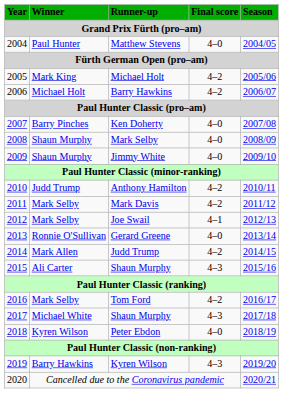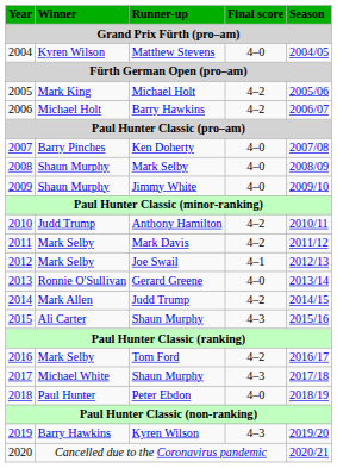 <table class="wikitable" style="margin: auto">
 <tr>
 <th style="text-align: center; background-color: #00af00">Year</th>
 <th style="text-align: left; background-color: #00af00">Winner</th>
 <th style="text-align: left; background-color: #00af00">Runner-up</th>
 <th style="text-align: left; background-color: #00af00">Final score</th>
 <th style="text-align: left; background-color: #00af00">Season</th>
 </tr>
 <tr>
 <th colspan=5 style="text-align: center; background-color:lightgrey">Grand Prix Fürth (pro–am)</th>
 </tr>
 <tr>
 <td>2004</td>
-<td> <a href='#'>Paul Hunter</a></td>
+<td> <a href='#'>Kyren Wilson</a></td>
 <td> <a href='#'>Matthew Stevens</a></td>
 <td style="text-align: center">4–0</td>
 <td><a href='#'>2004/05</a></td>
 </tr>
 <tr>
 <th colspan=5 style="text-align: center; background-color:lightgrey">Fürth German Open (pro–am)</th>
 </tr>
 <tr>
 <td>2005</td>
 <td> <a href='#'>Mark King</a></td>
 <td> <a href='#'>Michael Holt</a></td>
 <td style="text-align: center">4–2</td>
 <td><a href='#'>2005/06</a></td>
 </tr>
 <tr>
 <td>2006</td>
 <td> <a href='#'>Michael Holt</a></td>
 <td> <a href='#'>Barry Hawkins</a></td>
 <td style="text-align: center">4–2</td>
 <td><a href='#'>2006/07</a></td>
 </tr>
 <tr>
 <th colspan=5 style="text-align: center; background-color:lightgrey">Paul Hunter Classic (pro–am)</th>
 </tr>
 <tr>
 <td><a href='#'>2007</a></td>
 <td> <a href='#'>Barry Pinches</a></td>
 <td> <a href='#'>Ken Doherty</a></td>
 <td style="text-align: center">4–0</td>
 <td><a href='#'>2007/08</a></td>
 </tr>
 <tr>
 <td><a href='#'>2008</a></td>
 <td> <a href='#'>Shaun Murphy</a></td>
 <td> <a href='#'>Mark Selby</a></td>
 <td style="text-align: center">4–0</td>
 <td><a href='#'>2008/09</a></td>
 </tr>
 <tr>
 <td><a href='#'>2009</a></td>
 <td> <a href='#'>Shaun Murphy</a></td>
 <td> <a href='#'>Jimmy White</a></td>
 <td style="text-align: center">4–0</td>
 <td><a href='#'>2009/10</a></td>
 </tr>
 <tr>
 <th colspan=5 style="text-align: center; background-color: #c0ffc0">Paul Hunter Classic (minor-ranking)</th>
 </tr>
 <tr>
 <td><a href='#'>2010</a></td>
 <td> <a href='#'>Judd Trump</a></td>
 <td> <a href='#'>Anthony Hamilton</a></td>
 <td style="text-align: center">4–2</td>
 <td><a href='#'>2010/11</a></td>
 </tr>
 <tr>
 <td><a href='#'>2011</a></td>
 <td> <a href='#'>Mark Selby</a></td>
 <td> <a href='#'>Mark Davis</a></td>
 <td style="text-align: center">4–2</td>
 <td><a href='#'>2011/12</a></td>
 </tr>
 <tr>
 <td><a href='#'>2012</a></td>
 <td> <a href='#'>Mark Selby</a></td>
 <td> <a href='#'>Joe Swail</a></td>
 <td style="text-align: center">4–1</td>
 <td><a href='#'>2012/13</a></td>
 </tr>
 <tr>
 <td><a href='#'>2013</a></td>
 <td> <a href='#'>Ronnie O'Sullivan</a></td>
 <td> <a href='#'>Gerard Greene</a></td>
 <td style="text-align: center">4–0</td>
 <td><a href='#'>2013/14</a></td>
 </tr>
 <tr>
 <td><a href='#'>2014</a></td>
 <td> <a href='#'>Mark Allen</a></td>
 <td> <a href='#'>Judd Trump</a></td>
 <td style="text-align: center">4–2</td>
 <td><a href='#'>2014/15</a></td>
 </tr>
 <tr>
 <td><a href='#'>2015</a></td>
 <td> <a href='#'>Ali Carter</a></td>
 <td> <a href='#'>Shaun Murphy</a></td>
 <td style="text-align: center">4–3</td>
 <td><a href='#'>2015/16</a></td>
 </tr>
 <tr>
 <th colspan=5 style="text-align: center; background-color: #c0ffc0">Paul Hunter Classic (ranking)</th>
 </tr>
 <tr>
 <td><a href='#'>2016</a></td>
 <td> <a href='#'>Mark Selby</a></td>
 <td> <a href='#'>Tom Ford</a></td>
 <td style="text-align: center">4–2</td>
 <td><a href='#'>2016/17</a></td>
 </tr>
 <tr>
 <td><a href='#'>2017</a></td>
 <td> <a href='#'>Michael White</a></td>
 <td> <a href='#'>Shaun Murphy</a></td>
 <td style="text-align: center">4–3</td>
 <td><a href='#'>2017/18</a></td>
 </tr>
 <tr>
 <td><a href='#'>2018</a></td>
-<td> <a href='#'>Kyren Wilson</a></td>
+<td> <a href='#'>Paul Hunter</a></td>
 <td> <a href='#'>Peter Ebdon</a></td>
 <td style="text-align: center">4–0</td>
 <td><a href='#'>2018/19</a></td>
 </tr>
 <tr>
 <th colspan=5 style="text-align: center; background-color: #c0ffc0">Paul Hunter Classic (non-ranking)</th>
 </tr>
 <tr>
 <td><a href='#'>2019</a></td>
 <td> <a href='#'>Barry Hawkins</a></td>
 <td> <a href='#'>Kyren Wilson</a></td>
 <td style="text-align: center">4–3</td>
 <td><a href='#'>2019/20</a></td>
 </tr>
 <tr>
 <td>2020</td>
 <td colspan=3 style="text-align:center"><em>Cancelled due to the <a href='#'>Coronavirus pandemic</a></em></td>
 <td><a href='#'>2020/21</a></td>
 </tr>
 </table>
